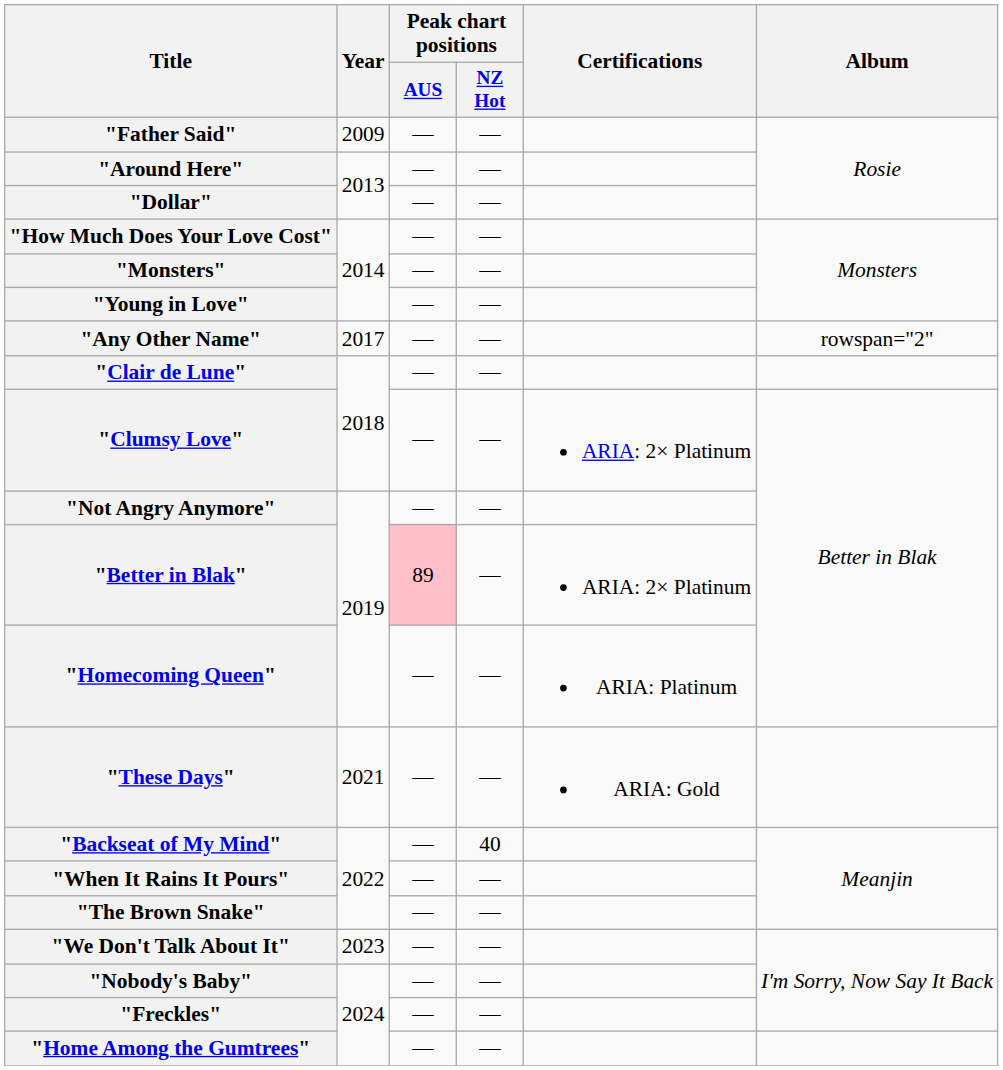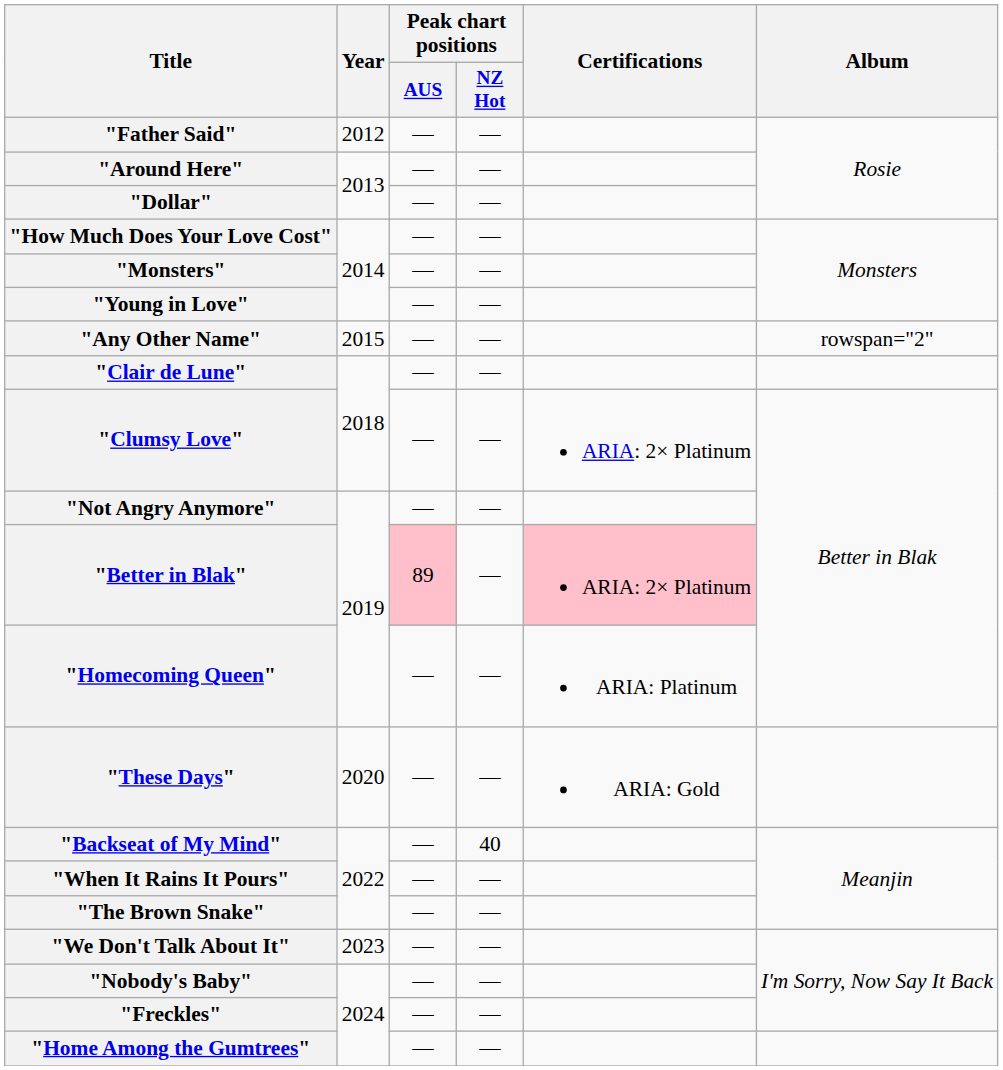 <table class="wikitable plainrowheaders" style="text-align:center;">
 <tr>
 <th scope="col" rowspan="2">Title</th>
 <th scope="col" rowspan="2">Year</th>
 <th scope="col" colspan="2">Peak chart positions</th>
 <th scope="col" rowspan="2">Certifications</th>
 <th scope="col" rowspan="2">Album</th>
 </tr>
 <tr>
 <th scope="col" style="width:3em;font-size:90%;"><a href='#'>AUS</a><br></th>
 <th scope="col" style="width:3em;font-size:90%;"><a href='#'>NZ<br>Hot</a><br></th>
 </tr>
 <tr>
 <th scope="row">"Father Said"</th>
-<td>2009</td>
+<td>2012</td>
 <td>—</td>
 <td>—</td>
 <td></td>
 <td rowspan="3"><em>Rosie</em></td>
 </tr>
 <tr>
 <th scope="row">"Around Here"</th>
 <td rowspan="2">2013</td>
 <td>—</td>
 <td>—</td>
 <td></td>
 </tr>
 <tr>
 <th scope="row">"Dollar"</th>
 <td>—</td>
 <td>—</td>
 <td></td>
 </tr>
 <tr>
 <th scope="row">"How Much Does Your Love Cost"<br></th>
 <td rowspan="3">2014</td>
 <td>—</td>
 <td>—</td>
 <td></td>
 <td rowspan="3"><em>Monsters</em></td>
 </tr>
 <tr>
 <th scope="row">"Monsters"</th>
 <td>—</td>
 <td>—</td>
 <td></td>
 </tr>
 <tr>
 <th scope="row">"Young in Love"</th>
 <td>—</td>
 <td>—</td>
 <td></td>
 </tr>
 <tr>
 <th scope="row">"Any Other Name"<br></th>
-<td>2017</td>
+<td>2015</td>
 <td>—</td>
 <td>—</td>
 <td></td>
 <td>rowspan="2" </td>
 </tr>
 <tr>
 <th scope="row">"<a href='#'>Clair de Lune</a>"</th>
 <td rowspan="2">2018</td>
 <td>—</td>
 <td>—</td>
 <td></td>
 </tr>
 <tr>
 <th scope="row">"<a href='#'>Clumsy Love</a>"</th>
 <td>—</td>
 <td>—</td>
 <td><br><ul><li><a href='#'>ARIA</a>: 2× Platinum</li></ul></td>
 <td rowspan="4"><em>Better in Blak</em></td>
 </tr>
 <tr>
 <th scope="row">"Not Angry Anymore"</th>
 <td rowspan="3">2019</td>
 <td>—</td>
 <td>—</td>
 <td></td>
 </tr>
 <tr>
 <th scope="row">"<a href='#'>Better in Blak</a>"</th>
 <td style="background: pink;">89</td>
 <td>—</td>
-<td><br><ul><li>ARIA: 2× Platinum</li></ul></td>
+<td style="background: pink;"><br><ul><li>ARIA: 2× Platinum</li></ul></td>
 </tr>
 <tr>
 <th scope="row">"<a href='#'>Homecoming Queen</a>"</th>
 <td>—</td>
 <td>—</td>
 <td><br><ul><li>ARIA: Platinum</li></ul></td>
 </tr>
 <tr>
 <th scope="row">"<a href='#'>These Days</a>"</th>
-<td>2021</td>
+<td>2020</td>
 <td>—</td>
 <td>—</td>
 <td><br><ul><li>ARIA: Gold</li></ul></td>
 <td></td>
 </tr>
 <tr>
 <th scope="row">"<a href='#'>Backseat of My Mind</a>"</th>
 <td rowspan="3">2022</td>
 <td>—</td>
 <td>40</td>
 <td></td>
 <td rowspan="3"><em>Meanjin</em></td>
 </tr>
 <tr>
 <th scope="row">"When It Rains It Pours"</th>
 <td>—</td>
 <td>—</td>
 <td></td>
 </tr>
 <tr>
 <th scope="row">"The Brown Snake"</th>
 <td>—</td>
 <td>—</td>
 <td></td>
 </tr>
 <tr>
 <th scope="row">"We Don't Talk About It"</th>
 <td>2023</td>
 <td>—</td>
 <td>—</td>
 <td></td>
 <td rowspan="3"><em>I'm Sorry, Now Say It Back</em></td>
 </tr>
 <tr>
 <th scope="row">"Nobody's Baby"</th>
 <td rowspan="3">2024</td>
 <td>—</td>
 <td>—</td>
 <td></td>
 </tr>
 <tr>
 <th scope="row">"Freckles"</th>
 <td>—</td>
 <td>—</td>
 <td></td>
 </tr>
 <tr>
 <th scope="row">"<a href='#'>Home Among the Gumtrees</a>"</th>
 <td>—</td>
 <td>—</td>
 <td></td>
 <td></td>
 </tr>
 </table>
